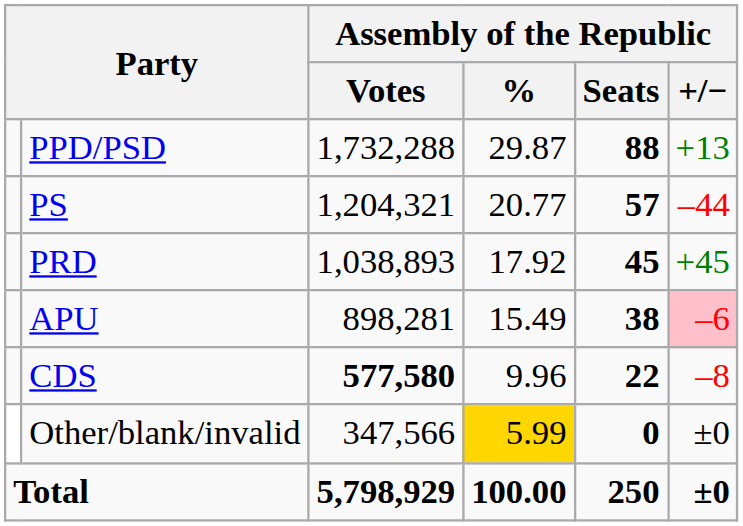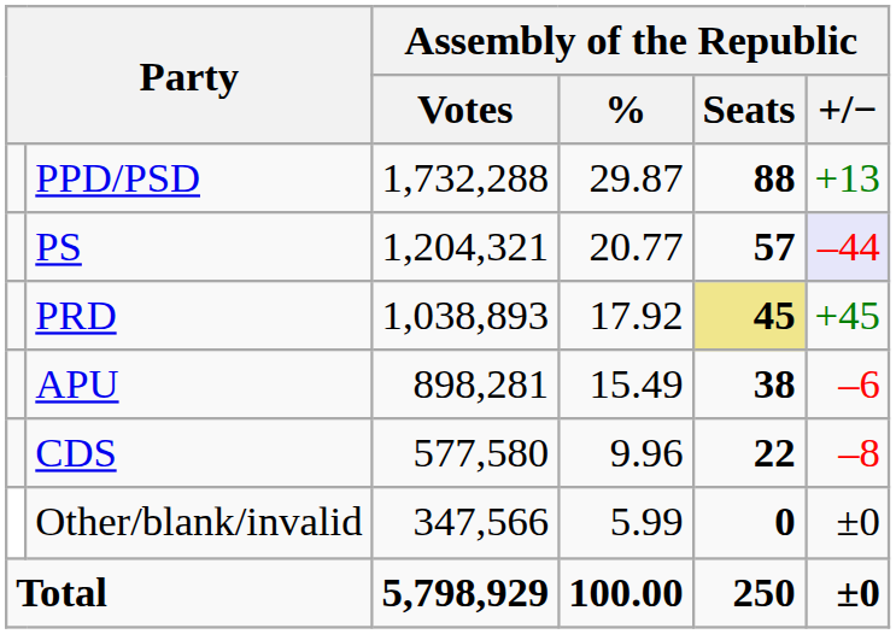 <table class="wikitable" style="text-align:right; font-size:95%;">
 <tr>
 <th colspan="2" rowspan="2">Party</th>
 <th colspan="4">Assembly of the Republic</th>
 </tr>
 <tr>
 <th>Votes</th>
 <th>%</th>
 <th>Seats</th>
 <th>+/−</th>
 </tr>
 <tr>
 <td style="background:"></td>
 <td align="left"><a href='#'>PPD/PSD</a></td>
 <td>1,732,288</td>
 <td>29.87</td>
 <td><strong>88</strong></td>
 <td style="color:green;">+13</td>
 </tr>
 <tr>
 <td style="background:"></td>
 <td align="left"><a href='#'>PS</a></td>
 <td>1,204,321</td>
 <td>20.77</td>
 <td><strong>57</strong></td>
-<td style="color:red;">–44</td>
+<td style="background: lavender; color:red;">–44</td>
 </tr>
 <tr>
 <td style="background:"></td>
 <td align="left"><a href='#'>PRD</a></td>
 <td>1,038,893</td>
 <td>17.92</td>
-<td><strong>45</strong></td>
+<td style="background: khaki;"><strong>45</strong></td>
 <td style="color:green;">+45</td>
 </tr>
 <tr>
 <td style="background:"></td>
 <td align="left"><a href='#'>APU</a></td>
 <td>898,281</td>
 <td>15.49</td>
 <td><strong>38</strong></td>
-<td style="background: pink; color:red;">–6</td>
+<td style="color:red;">–6</td>
 </tr>
 <tr>
 <td style="background:"></td>
 <td align="left"><a href='#'>CDS</a></td>
-<td><strong>577,580</strong></td>
+<td>577,580</td>
 <td>9.96</td>
 <td><strong>22</strong></td>
 <td style="color:red;">–8</td>
 </tr>
 <tr>
 <td style="background:white;"></td>
 <td align="left">Other/blank/invalid</td>
 <td>347,566</td>
-<td style="background: gold;">5.99</td>
+<td>5.99</td>
 <td><strong>0</strong></td>
 <td>±0</td>
 </tr>
 <tr style="font-weight:bold">
 <td colspan="2" align="left">Total</td>
 <td>5,798,929</td>
 <td>100.00</td>
 <td>250</td>
 <td>±0</td>
 </tr>
 </table>
